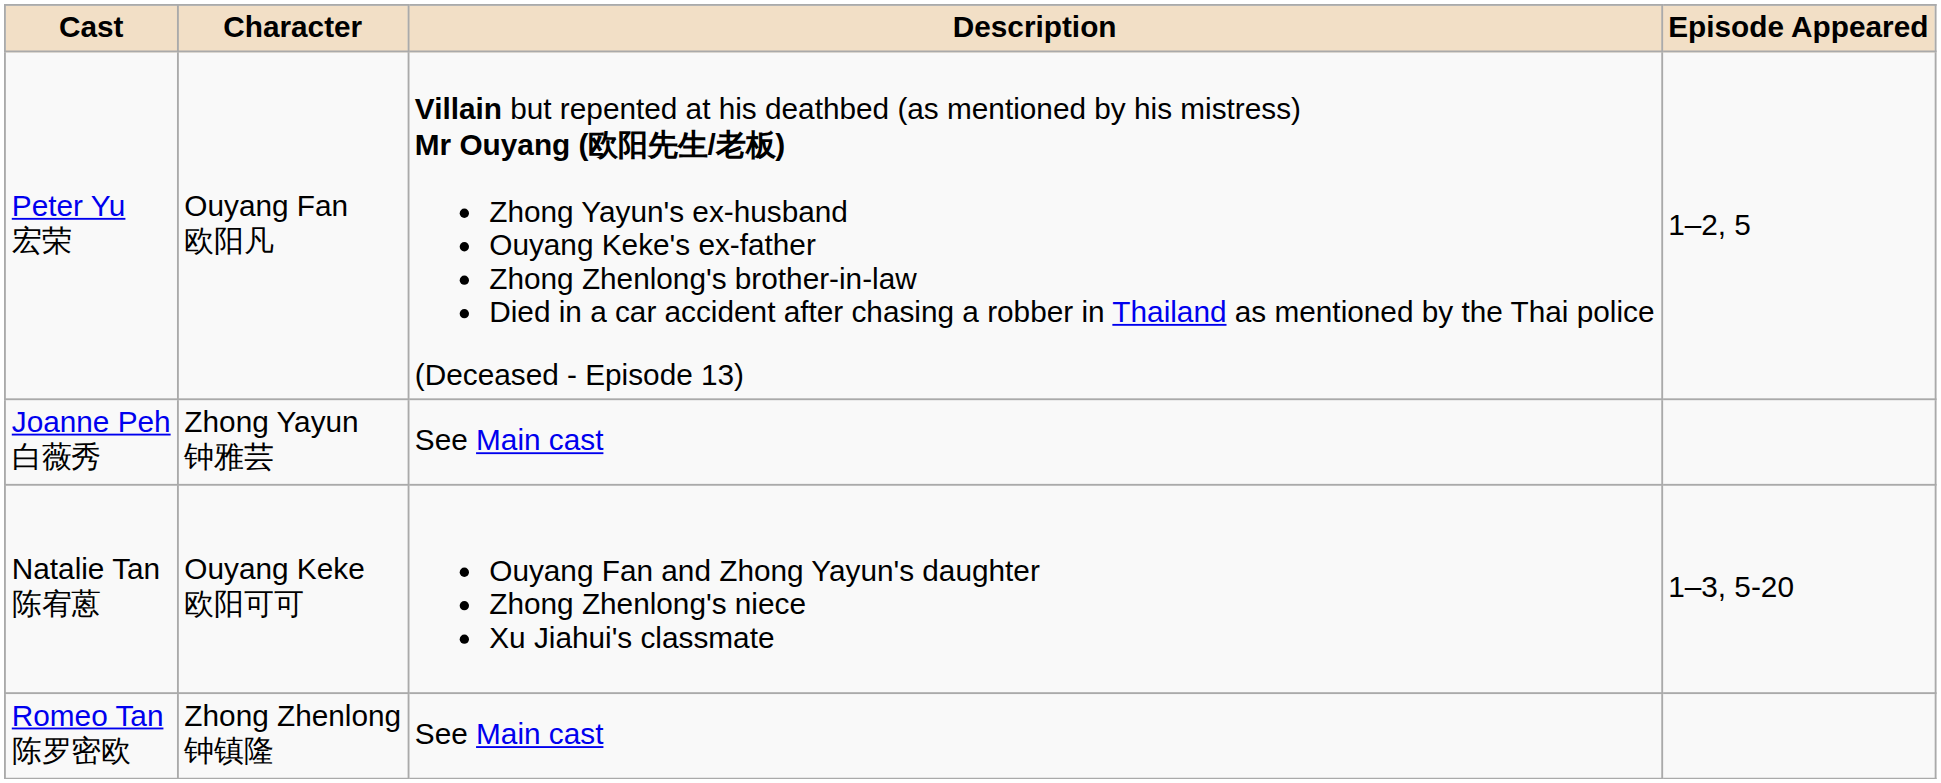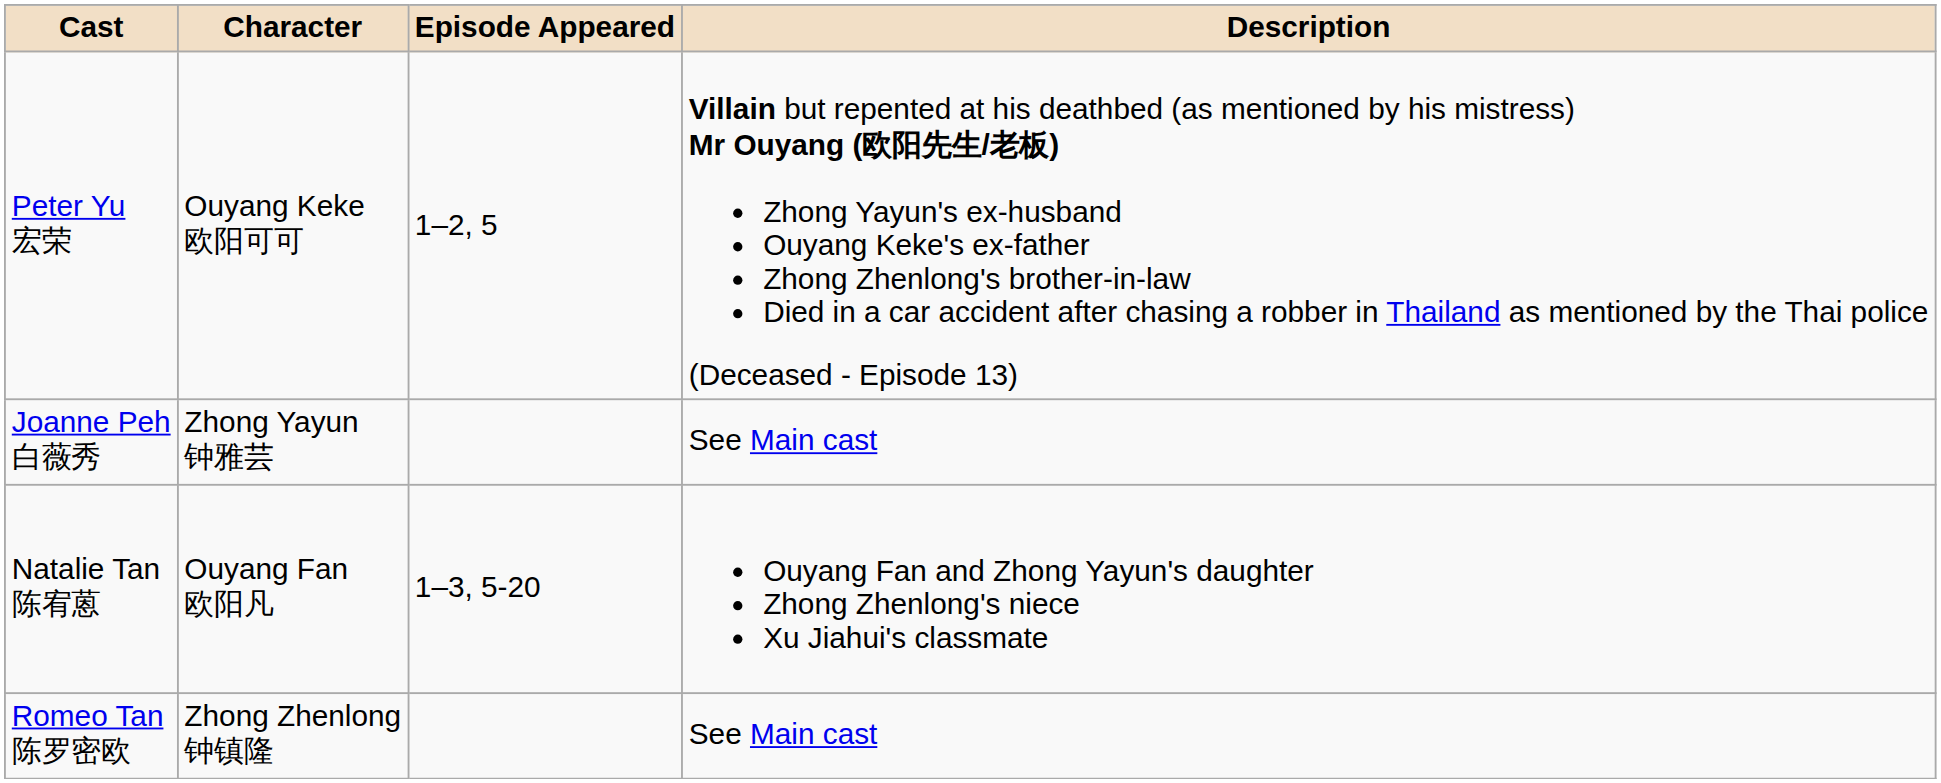 <table class="wikitable">
 <tr>
 <th style="background:#f2dfc6">Cast</th>
 <th style="background:#f2dfc6">Character</th>
+<th style="background:#f2dfc6">Episode Appeared</th>
 <th style="background:#f2dfc6">Description</th>
-<th style="background:#f2dfc6">Episode Appeared</th>
 </tr>
 <tr>
 <td><a href='#'>Peter Yu</a> <br> 宏荣</td>
-<td>Ouyang Fan <br> 欧阳凡</td>
+<td>Ouyang Keke <br> 欧阳可可</td>
+<td>1–2, 5</td>
 <td><br><strong>Villain</strong> but repented at his deathbed (as mentioned by his mistress) <br> <strong> Mr Ouyang (欧阳先生/老板) </strong><ul><li>Zhong Yayun's ex-husband</li><li>Ouyang Keke's ex-father</li><li>Zhong Zhenlong's brother-in-law</li><li>Died in a car accident after chasing a robber in <a href='#'>Thailand</a> as mentioned by the Thai police</li></ul>(Deceased - Episode 13)</td>
-<td>1–2, 5</td>
 </tr>
 <tr>
 <td><a href='#'>Joanne Peh</a> <br> 白薇秀</td>
 <td>Zhong Yayun <br> 钟雅芸</td>
+<td></td>
 <td>See <a href='#'>Main cast</a></td>
-<td></td>
 </tr>
 <tr>
 <td>Natalie Tan <br> 陈宥蒽</td>
-<td>Ouyang Keke <br> 欧阳可可</td>
+<td>Ouyang Fan <br> 欧阳凡</td>
+<td>1–3, 5-20</td>
 <td><br><ul><li>Ouyang Fan and Zhong Yayun's daughter</li><li>Zhong Zhenlong's niece</li><li>Xu Jiahui's classmate</li></ul></td>
-<td>1–3, 5-20</td>
 </tr>
 <tr>
 <td><a href='#'>Romeo Tan</a> <br> 陈罗密欧</td>
 <td>Zhong Zhenlong <br> 钟镇隆</td>
+<td></td>
 <td>See <a href='#'>Main cast</a></td>
-<td></td>
 </tr>
 </table>
